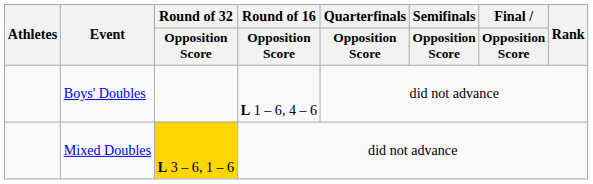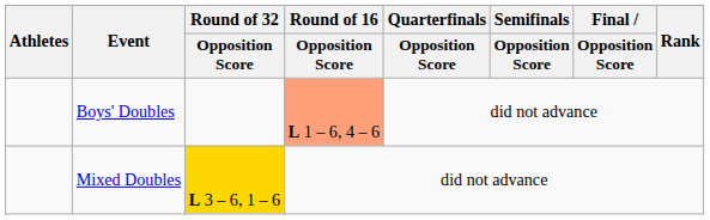 <table class=wikitable style="font-size:90%">
 <tr>
 <th rowspan="2">Athletes</th>
 <th rowspan="2">Event</th>
 <th>Round of 32</th>
 <th>Round of 16</th>
 <th>Quarterfinals</th>
 <th>Semifinals</th>
 <th>Final / </th>
 <th rowspan=2>Rank</th>
 </tr>
 <tr style="font-size:95%">
 <th>Opposition<br>Score</th>
 <th>Opposition<br>Score</th>
 <th>Opposition<br>Score</th>
 <th>Opposition<br>Score</th>
 <th>Opposition<br>Score</th>
 </tr>
 <tr align=center>
 <td align=left><br></td>
 <td align=left><a href='#'>Boys' Doubles</a></td>
 <td></td>
-<td><br> <br><strong>L</strong> 1 – 6, 4 – 6</td>
+<td style="background: lightsalmon;"><br> <br><strong>L</strong> 1 – 6, 4 – 6</td>
 <td colspan=4>did not advance</td>
 </tr>
 <tr align=center>
 <td align=left><br></td>
 <td align=left><a href='#'>Mixed Doubles</a></td>
 <td style="background: gold;"><br> <br><strong>L</strong> 3 – 6, 1 – 6</td>
 <td colspan=5>did not advance</td>
 </tr>
 </table>
